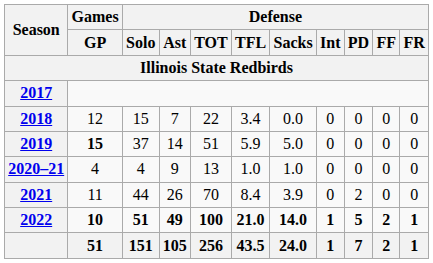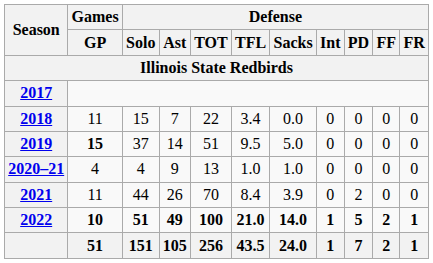 <table class="wikitable" style="text-align:center;">
 <tr>
 <th rowspan="2">Season</th>
 <th colspan="1">Games</th>
 <th colspan="9">Defense</th>
 </tr>
 <tr>
 <th>GP</th>
 <th>Solo</th>
 <th>Ast</th>
 <th>TOT</th>
 <th>TFL</th>
 <th>Sacks</th>
 <th>Int</th>
 <th>PD</th>
 <th>FF</th>
 <th>FR</th>
 </tr>
 <tr>
 <th colspan="12">Illinois State Redbirds</th>
 </tr>
 <tr>
 <th><a href='#'>2017</a></th>
 <td colspan="10"></td>
 </tr>
 <tr>
 <th><a href='#'>2018</a></th>
-<td>12</td>
+<td>11</td>
 <td>15</td>
 <td>7</td>
 <td>22</td>
 <td>3.4</td>
 <td>0.0</td>
 <td>0</td>
 <td>0</td>
 <td>0</td>
 <td>0</td>
 </tr>
 <tr>
 <th><a href='#'>2019</a></th>
 <td><strong>15</strong></td>
 <td>37</td>
 <td>14</td>
 <td>51</td>
-<td>5.9</td>
+<td>9.5</td>
 <td>5.0</td>
 <td>0</td>
 <td>0</td>
 <td>0</td>
 <td>0</td>
 </tr>
 <tr>
 <th><a href='#'>2020–21</a></th>
 <td>4</td>
 <td>4</td>
 <td>9</td>
 <td>13</td>
 <td>1.0</td>
 <td>1.0</td>
 <td>0</td>
 <td>0</td>
 <td>0</td>
 <td>0</td>
 </tr>
 <tr>
 <th><a href='#'>2021</a></th>
 <td>11</td>
 <td>44</td>
 <td>26</td>
 <td>70</td>
 <td>8.4</td>
 <td>3.9</td>
 <td>0</td>
 <td>2</td>
 <td>0</td>
 <td>0</td>
 </tr>
 <tr>
 <th><a href='#'>2022</a></th>
 <td><strong>10</strong></td>
 <td><strong>51</strong></td>
 <td><strong>49</strong></td>
 <td><strong>100</strong></td>
 <td><strong>21.0</strong></td>
 <td><strong>14.0</strong></td>
 <td><strong>1</strong></td>
 <td><strong>5</strong></td>
 <td><strong>2</strong></td>
 <td><strong>1</strong></td>
 </tr>
 <tr>
 <th></th>
 <th>51</th>
 <th>151</th>
 <th>105</th>
 <th>256</th>
 <th>43.5</th>
 <th>24.0</th>
 <th>1</th>
 <th>7</th>
 <th>2</th>
 <th>1</th>
 </tr>
 </table>
